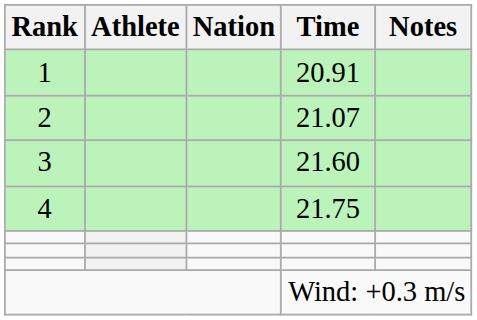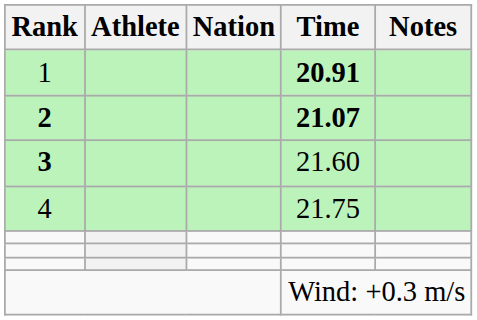 <table class="wikitable plainrowheaders sortable" style="text-align:center;">
 <tr>
 <th scope=col>Rank</th>
 <th scope=col>Athlete</th>
 <th scope=col>Nation</th>
 <th scope=col>Time</th>
 <th scope=col>Notes</th>
 </tr>
 <tr bgcolor=#bbf3bb>
 <td>1</td>
 <th scope=row style="background:#bbf3bb; text-align:left;"></th>
 <td align=left></td>
-<td>20.91</td>
+<td><strong>20.91</strong></td>
 <td></td>
 </tr>
 <tr bgcolor=#bbf3bb>
-<td>2</td>
+<td><strong>2</strong></td>
 <th scope=row style="background:#bbf3bb; text-align:left;"></th>
 <td align=left></td>
-<td>21.07</td>
+<td><strong>21.07</strong></td>
 <td></td>
 </tr>
 <tr bgcolor=#bbf3bb>
-<td>3</td>
+<td><strong>3</strong></td>
 <th scope=row style="background:#bbf3bb; text-align:left;"></th>
 <td align=left></td>
 <td>21.60</td>
 <td></td>
 </tr>
 <tr bgcolor=#bbf3bb>
 <td>4</td>
 <th scope=row style="background:#bbf3bb; text-align:left;"></th>
 <td align=left></td>
 <td>21.75</td>
 <td></td>
 </tr>
 <tr>
 <td></td>
 <th scope=row style=text-align:left;></th>
 <td align=left></td>
 <td></td>
 <td></td>
 </tr>
 <tr>
 <td></td>
 <th scope=row style=text-align:left;></th>
 <td align=left></td>
 <td></td>
 <td></td>
 </tr>
 <tr>
 <td></td>
 <th scope=row style=text-align:left;></th>
 <td align=left></td>
 <td></td>
 <td></td>
 </tr>
 <tr class=sortbottom>
 <td colspan=3></td>
 <td colspan=2 style=text-align:left;>Wind: +0.3 m/s</td>
 </tr>
 </table>
